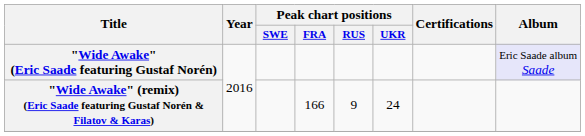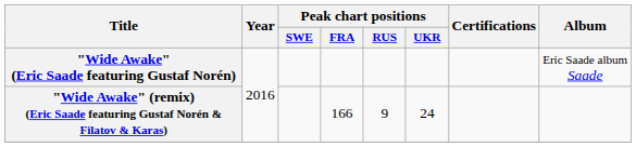 <table class="wikitable plainrowheaders" style="text-align:center;">
 <tr>
 <th scope="col" rowspan="2" style="width:16em;">Title</th>
 <th scope="col" rowspan="2" style="width:1em;">Year</th>
 <th scope="col" colspan="4">Peak chart positions</th>
 <th scope="col" rowspan="2">Certifications</th>
 <th scope="col" rowspan="2">Album</th>
 </tr>
 <tr>
 <th scope="col" style="width:3em;font-size:85%;"><a href='#'>SWE</a><br></th>
 <th scope="col" style="width:3em;font-size:85%;"><a href='#'>FRA</a><br></th>
 <th scope="col" style="width:3em;font-size:85%;"><a href='#'>RUS</a><br></th>
 <th scope="col" style="width:3em;font-size:85%;"><a href='#'>UKR</a><br></th>
 </tr>
 <tr>
 <th scope="row">"<a href='#'>Wide Awake</a>"<br><span>(<a href='#'>Eric Saade</a> featuring Gustaf Norén)</span></th>
 <td rowspan=2>2016</td>
 <td></td>
 <td></td>
 <td></td>
 <td></td>
 <td></td>
-<td style="background: lavender;"><small>Eric Saade album</small><br><em><a href='#'>Saade</a></em></td>
+<td><small>Eric Saade album</small><br><em><a href='#'>Saade</a></em></td>
 </tr>
 <tr>
 <th scope="row">"<a href='#'>Wide Awake</a>" (remix) <br><small>(<a href='#'>Eric Saade</a> featuring Gustaf Norén &  <a href='#'>Filatov & Karas</a>)</small></th>
 <td></td>
 <td>166<br></td>
 <td>9 <br></td>
 <td>24 <br></td>
 <td></td>
 <td></td>
 </tr>
 <tr>
 </tr>
 </table>
